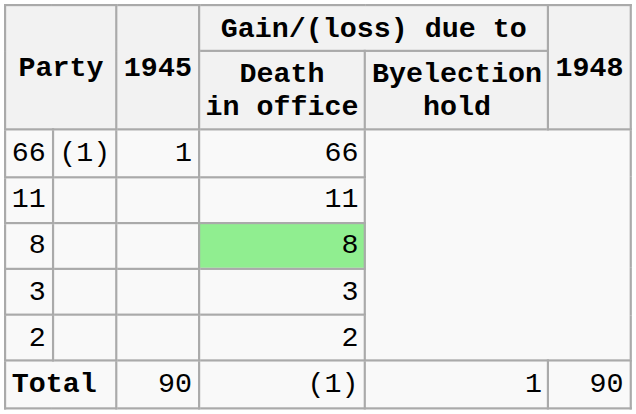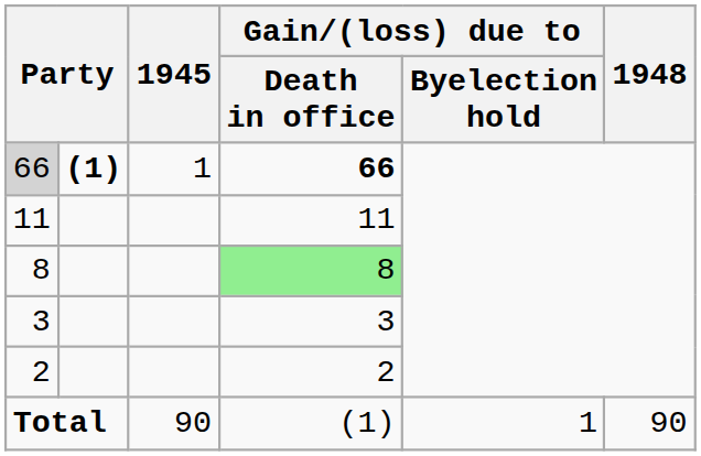 <table class="wikitable" style="text-align:right">
 <tr>
 <th rowspan="2" colspan="2">Party</th>
 <th rowspan="2">1945</th>
 <th colspan="2">Gain/(loss) due to</th>
 <th rowspan="2">1948</th>
 </tr>
 <tr>
 <th>Death<br>in office</th>
 <th>Byelection<br>hold</th>
 </tr>
 <tr>
-<td>66</td>
-<td>(1)</td>
+<td style="background: lightgrey;">66</td>
+<td><strong>(1)</strong></td>
 <td>1</td>
-<td>66</td>
+<td><strong>66</strong></td>
 </tr>
 <tr>
 <td>11</td>
 <td></td>
 <td></td>
 <td>11</td>
 </tr>
 <tr>
 <td>8</td>
 <td></td>
 <td></td>
 <td style="background: lightgreen;">8</td>
 </tr>
 <tr>
 <td>3</td>
 <td></td>
 <td></td>
 <td>3</td>
 </tr>
 <tr>
 <td>2</td>
 <td></td>
 <td></td>
 <td>2</td>
 </tr>
 <tr>
 <td colspan="2" style="text-align:left;"><strong>Total</strong></td>
 <td>90</td>
 <td>(1)</td>
 <td>1</td>
 <td>90</td>
 </tr>
 </table>
